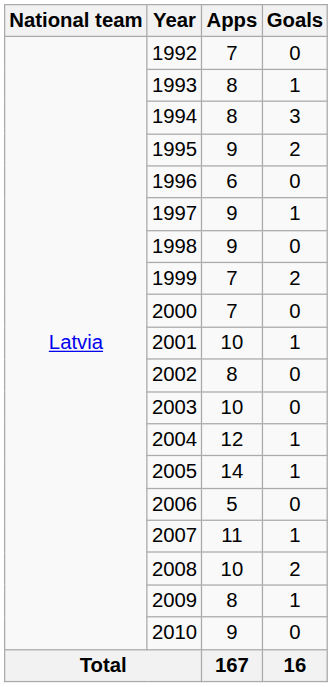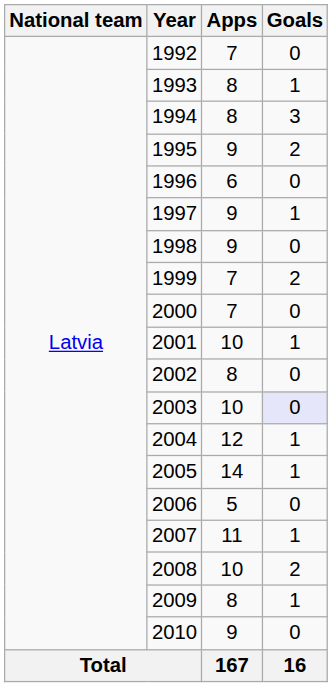 <table class="wikitable" style="text-align:center">
 <tr>
 <th>National team</th>
 <th>Year</th>
 <th>Apps</th>
 <th>Goals</th>
 </tr>
 <tr>
 <td rowspan="19"><a href='#'>Latvia</a></td>
 <td>1992</td>
 <td>7</td>
 <td>0</td>
 </tr>
 <tr>
 <td>1993</td>
 <td>8</td>
 <td>1</td>
 </tr>
 <tr>
 <td>1994</td>
 <td>8</td>
 <td>3</td>
 </tr>
 <tr>
 <td>1995</td>
 <td>9</td>
 <td>2</td>
 </tr>
 <tr>
 <td>1996</td>
 <td>6</td>
 <td>0</td>
 </tr>
 <tr>
 <td>1997</td>
 <td>9</td>
 <td>1</td>
 </tr>
 <tr>
 <td>1998</td>
 <td>9</td>
 <td>0</td>
 </tr>
 <tr>
 <td>1999</td>
 <td>7</td>
 <td>2</td>
 </tr>
 <tr>
 <td>2000</td>
 <td>7</td>
 <td>0</td>
 </tr>
 <tr>
 <td>2001</td>
 <td>10</td>
 <td>1</td>
 </tr>
 <tr>
 <td>2002</td>
 <td>8</td>
 <td>0</td>
 </tr>
 <tr>
 <td>2003</td>
 <td>10</td>
-<td>0</td>
+<td style="background: lavender;">0</td>
 </tr>
 <tr>
 <td>2004</td>
 <td>12</td>
 <td>1</td>
 </tr>
 <tr>
 <td>2005</td>
 <td>14</td>
 <td>1</td>
 </tr>
 <tr>
 <td>2006</td>
 <td>5</td>
 <td>0</td>
 </tr>
 <tr>
 <td>2007</td>
 <td>11</td>
 <td>1</td>
 </tr>
 <tr>
 <td>2008</td>
 <td>10</td>
 <td>2</td>
 </tr>
 <tr>
 <td>2009</td>
 <td>8</td>
 <td>1</td>
 </tr>
 <tr>
 <td>2010</td>
 <td>9</td>
 <td>0</td>
 </tr>
 <tr>
 <th colspan="2">Total</th>
 <th>167</th>
 <th>16</th>
 </tr>
 </table>
